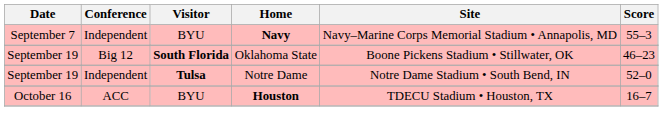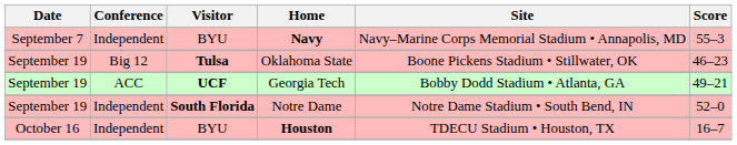 <table class="wikitable" style="text-align:center">
 <tr>
 <th>Date</th>
 <th>Conference</th>
 <th>Visitor</th>
 <th>Home</th>
 <th>Site</th>
 <th>Score</th>
 </tr>
 <tr style="background:#fbb;">
 <td>September 7</td>
 <td>Independent</td>
 <td>BYU</td>
 <td><strong>Navy</strong></td>
 <td>Navy–Marine Corps Memorial Stadium • Annapolis, MD</td>
 <td>55–3</td>
 </tr>
 <tr>
 </tr>
 <tr style="background:#fbb;">
 <td>September 19</td>
 <td>Big 12</td>
-<td><strong>South Florida</strong></td>
+<td><strong>Tulsa</strong></td>
 <td>Oklahoma State</td>
 <td>Boone Pickens Stadium • Stillwater, OK</td>
 <td>46–23</td>
 </tr>
 <tr>
 </tr>
+<tr style="background:#cfc;">
+<td>September 19</td>
+<td>ACC</td>
+<td><strong>UCF</strong></td>
+<td>Georgia Tech</td>
+<td>Bobby Dodd Stadium • Atlanta, GA</td>
+<td>49–21</td>
+</tr>
 <tr>
 </tr>
 <tr style="background:#fbb;">
 <td>September 19</td>
 <td>Independent</td>
-<td><strong>Tulsa</strong></td>
+<td><strong>South Florida</strong></td>
 <td>Notre Dame</td>
 <td>Notre Dame Stadium • South Bend, IN</td>
 <td>52–0</td>
 </tr>
 <tr>
 </tr>
 <tr style="background:#fbb;">
 <td>October 16</td>
-<td>ACC</td>
+<td>Independent</td>
 <td>BYU</td>
 <td><strong>Houston</strong></td>
 <td>TDECU Stadium • Houston, TX</td>
 <td>16–7</td>
 </tr>
 <tr>
 </tr>
 </table>
